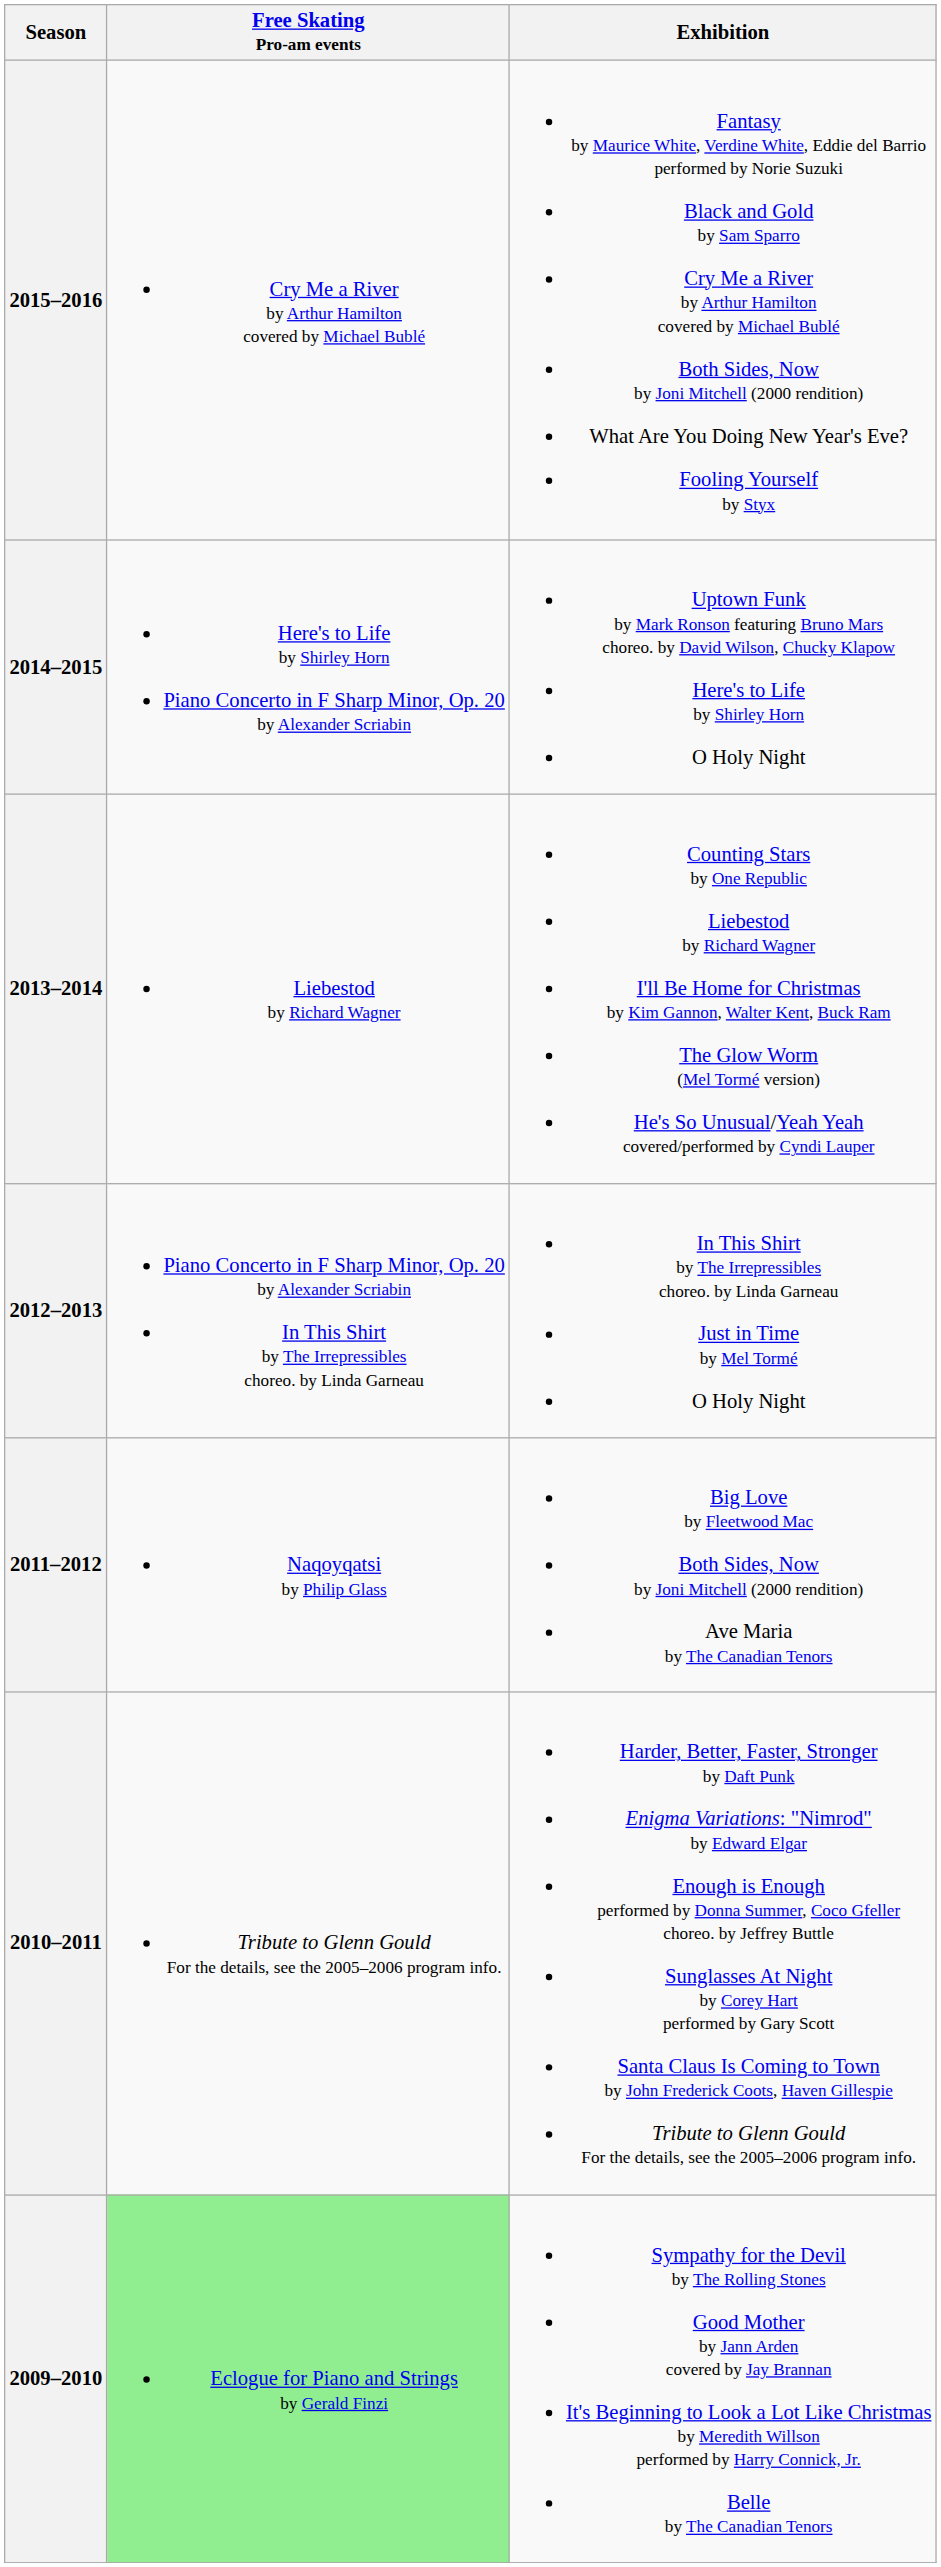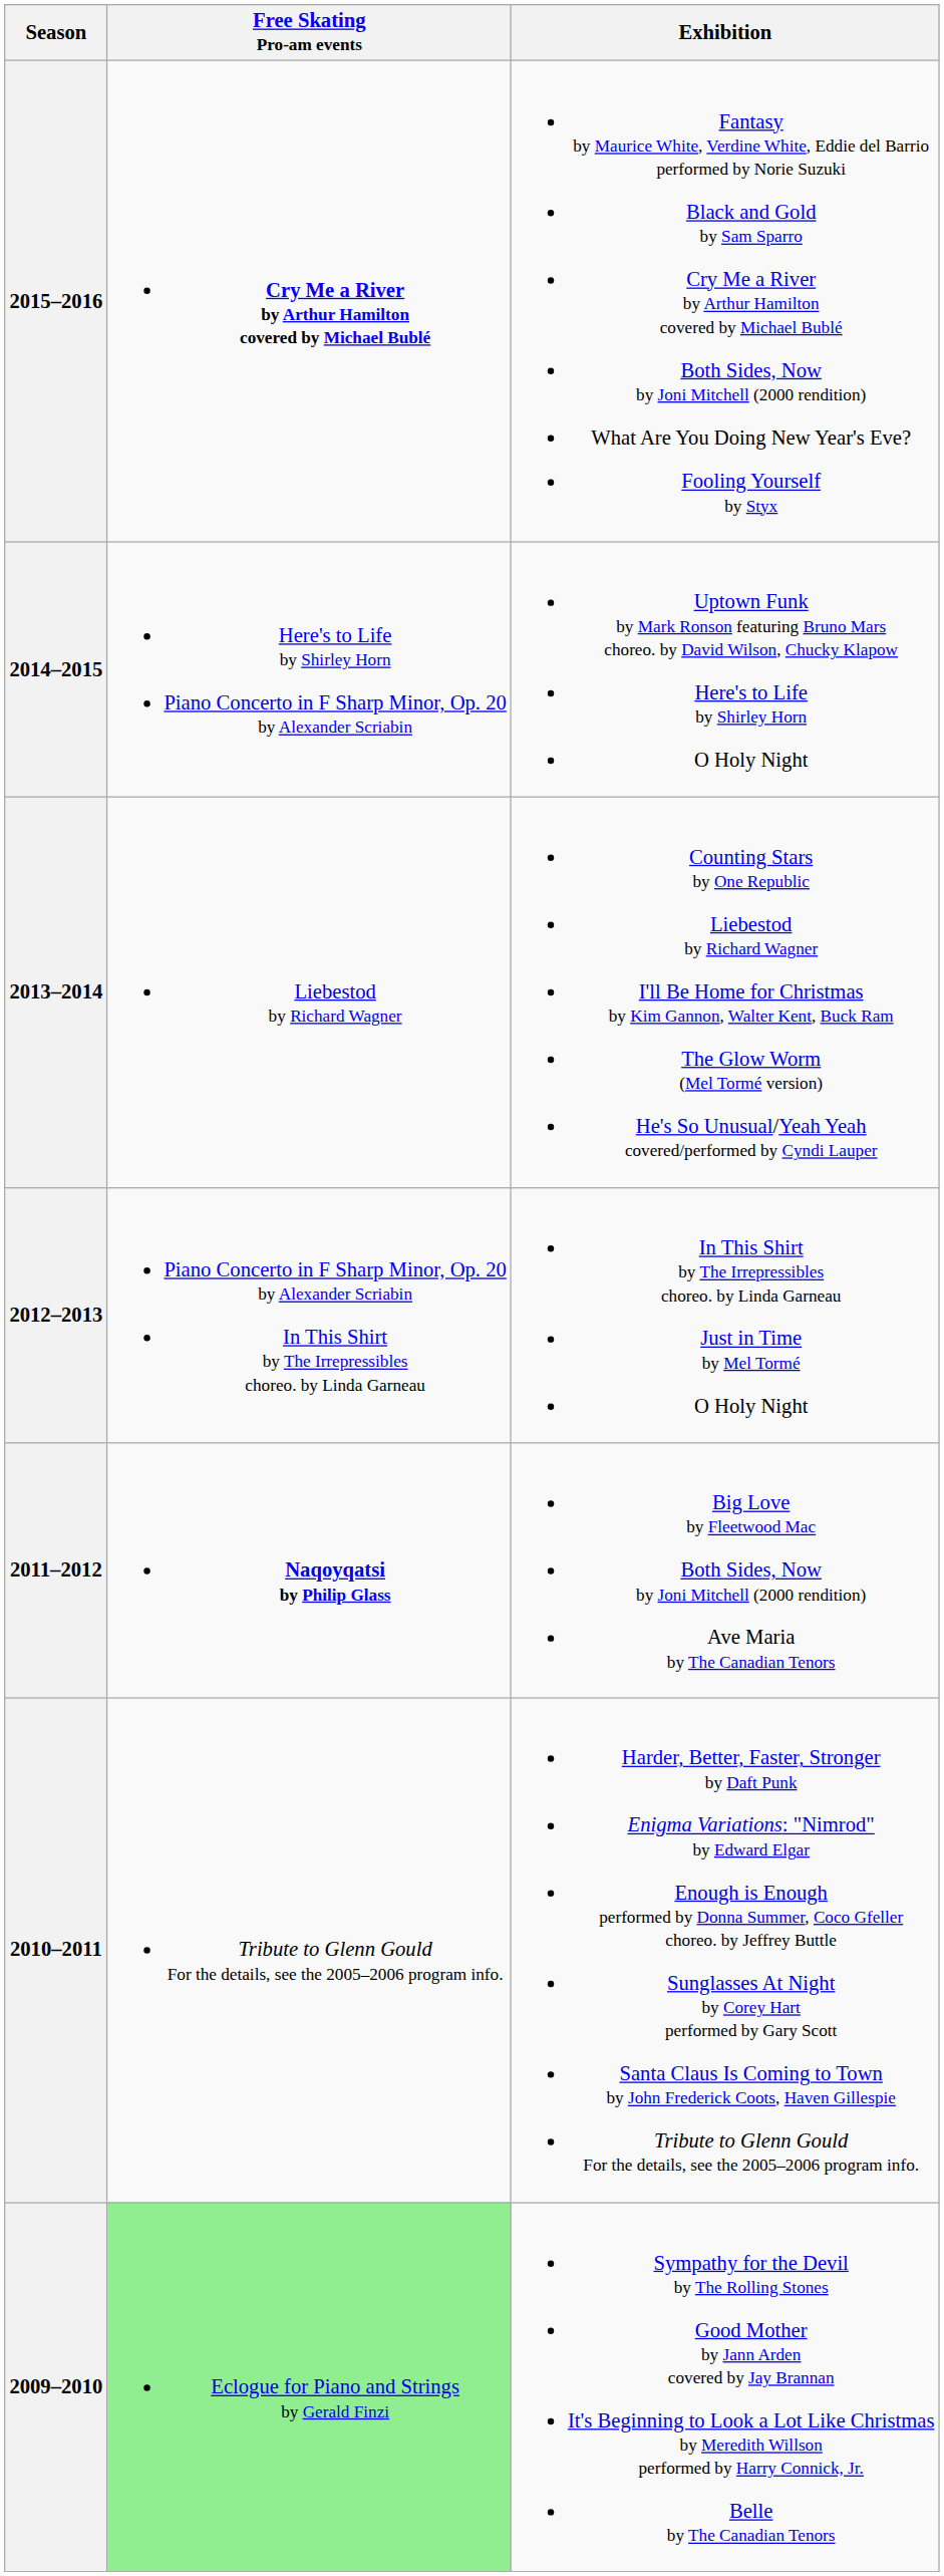 <table class="wikitable" style="text-align:center">
 <tr>
 <th>Season</th>
 <th><a href='#'>Free Skating</a> <br><small>Pro-am events</small></th>
 <th>Exhibition</th>
 </tr>
 <tr>
 <th>2015–2016 <br></th>
-<td><br><ul><li><a href='#'>Cry Me a River</a> <br><small> by <a href='#'>Arthur Hamilton</a> <br> covered by <a href='#'>Michael Bublé</a> </small></li></ul></td>
+<td><strong><br><ul><li><a href='#'>Cry Me a River</a> <br><small> by <a href='#'>Arthur Hamilton</a> <br> covered by <a href='#'>Michael Bublé</a> </small></li></ul></strong></td>
 <td><br><ul><li><a href='#'>Fantasy</a> <br><small> by <a href='#'>Maurice White</a>, <a href='#'>Verdine White</a>, Eddie del Barrio <br> performed by Norie Suzuki </small></li></ul><ul><li><a href='#'>Black and Gold</a><br><small> by <a href='#'>Sam Sparro</a> </small></li></ul><ul><li><a href='#'>Cry Me a River</a><br><small> by <a href='#'>Arthur Hamilton</a> <br> covered by <a href='#'>Michael Bublé</a> </small></li></ul><ul><li><a href='#'>Both Sides, Now</a><br><small> by <a href='#'>Joni Mitchell</a> (2000 rendition) </small></li></ul><ul><li>What Are You Doing New Year's Eve?</li></ul> <ul><li><a href='#'>Fooling Yourself</a> <br><small> by <a href='#'>Styx</a> </small></li></ul></td>
 </tr>
 <tr>
 <th>2014–2015 <br></th>
 <td><br><ul><li><a href='#'>Here's to Life</a> <br><small> by <a href='#'>Shirley Horn</a> </small></li></ul><ul><li><a href='#'>Piano Concerto in F Sharp Minor, Op. 20</a> <br><small> by <a href='#'>Alexander Scriabin</a> </small></li></ul></td>
 <td><br><ul><li><a href='#'>Uptown Funk</a><br><small> by <a href='#'>Mark Ronson</a> featuring <a href='#'>Bruno Mars</a> <br> choreo. by <a href='#'>David Wilson</a>, <a href='#'>Chucky Klapow</a></small></li></ul><ul><li><a href='#'>Here's to Life</a><br><small> by <a href='#'>Shirley Horn</a> </small></li></ul><ul><li>O Holy Night</li></ul>    </td>
 </tr>
 <tr>
 <th>2013–2014 <br></th>
 <td><br><ul><li><a href='#'>Liebestod</a> <br><small> by <a href='#'>Richard Wagner</a> </small></li></ul></td>
 <td><br><ul><li><a href='#'>Counting Stars</a><br><small> by <a href='#'>One Republic</a> </small></li></ul><ul><li><a href='#'>Liebestod</a><br><small> by <a href='#'>Richard Wagner</a> </small></li></ul><ul><li><a href='#'>I'll Be Home for Christmas</a><br><small> by <a href='#'>Kim Gannon</a>, <a href='#'>Walter Kent</a>, <a href='#'>Buck Ram</a> </small></li></ul><ul><li><a href='#'>The Glow Worm</a><br><small> (<a href='#'>Mel Tormé</a> version) </small></li></ul><ul><li><a href='#'>He's So Unusual</a>/<a href='#'>Yeah Yeah</a> <br><small> covered/performed by <a href='#'>Cyndi Lauper</a> </small></li></ul></td>
 </tr>
 <tr>
 <th>2012–2013 <br></th>
 <td><br><ul><li><a href='#'>Piano Concerto in F Sharp Minor, Op. 20</a> <br><small> by <a href='#'>Alexander Scriabin</a> </small></li></ul><ul><li><a href='#'>In This Shirt</a> <br><small> by <a href='#'>The Irrepressibles</a> </small><br><small>choreo. by Linda Garneau</small></li></ul></td>
 <td><br><ul><li><a href='#'>In This Shirt</a><br><small> by <a href='#'>The Irrepressibles</a> </small><br><small>choreo. by Linda Garneau</small></li></ul><ul><li><a href='#'>Just in Time</a><br><small> by <a href='#'>Mel Tormé</a> </small></li></ul><ul><li>O Holy Night</li></ul></td>
 </tr>
 <tr>
 <th>2011–2012 <br></th>
-<td><br><ul><li><a href='#'>Naqoyqatsi</a> <br><small> by <a href='#'>Philip Glass</a> </small></li></ul></td>
+<td><strong><br><ul><li><a href='#'>Naqoyqatsi</a> <br><small> by <a href='#'>Philip Glass</a> </small></li></ul></strong></td>
 <td><br><ul><li><a href='#'>Big Love</a><br><small> by <a href='#'>Fleetwood Mac</a> </small></li></ul><ul><li><a href='#'>Both Sides, Now</a><br><small> by <a href='#'>Joni Mitchell</a> (2000 rendition) </small></li></ul><ul><li>Ave Maria<br><small> by <a href='#'>The Canadian Tenors</a> </small></li></ul></td>
 </tr>
 <tr>
 <th>2010–2011 <br></th>
 <td><br><ul><li><em>Tribute to Glenn Gould</em> <br><small> For the details, see the 2005–2006 program info. </small></li></ul></td>
 <td><br><ul><li><a href='#'>Harder, Better, Faster, Stronger</a><br><small> by <a href='#'>Daft Punk</a> </small></li></ul><ul><li><a href='#'><em>Enigma Variations</em>: "Nimrod"</a><br><small> by <a href='#'>Edward Elgar</a> </small></li></ul><ul><li><a href='#'>Enough is Enough</a><br><small> performed by <a href='#'>Donna Summer</a>, <a href='#'>Coco Gfeller</a> <br> choreo. by Jeffrey Buttle</small></li></ul><ul><li><a href='#'>Sunglasses At Night</a><br><small> by <a href='#'>Corey Hart</a> <br> performed by Gary Scott</small></li></ul><ul><li><a href='#'>Santa Claus Is Coming to Town</a><br><small> by <a href='#'>John Frederick Coots</a>, <a href='#'>Haven Gillespie</a> </small></li></ul><ul><li><em>Tribute to Glenn Gould</em><br><small> For the details, see the 2005–2006 program info. </small></li></ul></td>
 </tr>
 <tr>
 <th>2009–2010 <br></th>
 <td style="background: lightgreen;"><br><ul><li><a href='#'>Eclogue for Piano and Strings</a> <br><small> by <a href='#'>Gerald Finzi</a> </small></li></ul></td>
 <td><br><ul><li><a href='#'>Sympathy for the Devil</a><br><small> by <a href='#'>The Rolling Stones</a> </small></li></ul><ul><li><a href='#'>Good Mother</a><br><small> by <a href='#'>Jann Arden</a> <br>covered by <a href='#'>Jay Brannan</a></small></li></ul><ul><li><a href='#'>It's Beginning to Look a Lot Like Christmas</a><br><small> by <a href='#'>Meredith Willson</a> <br>performed by <a href='#'>Harry Connick, Jr.</a></small></li></ul><ul><li><a href='#'>Belle</a><br><small> by <a href='#'>The Canadian Tenors</a> </small></li></ul>    </td>
 </tr>
 </table>
